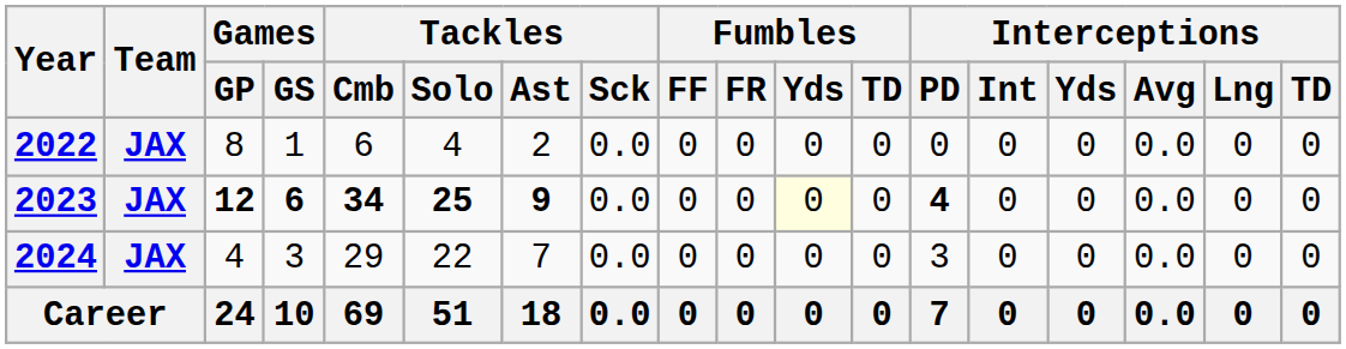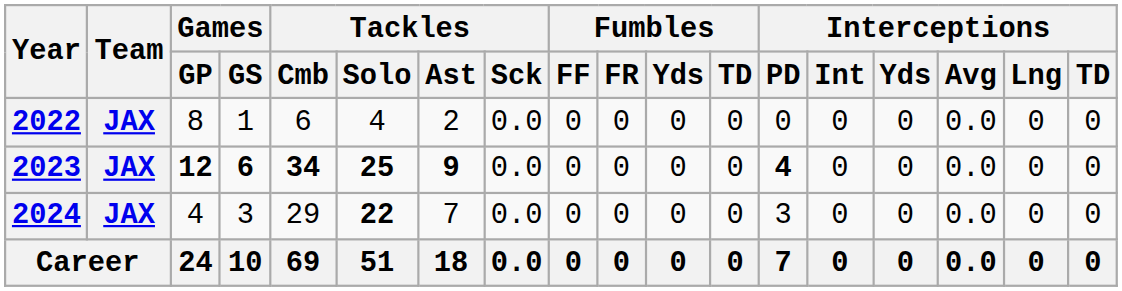 <table class=wikitable style="text-align:center;">
 <tr>
 <th rowspan="2">Year</th>
 <th rowspan="2">Team</th>
 <th colspan="2">Games</th>
 <th colspan="4">Tackles</th>
 <th colspan="4">Fumbles</th>
 <th colspan="6">Interceptions</th>
 </tr>
 <tr>
 <th>GP</th>
 <th>GS</th>
 <th>Cmb</th>
 <th>Solo</th>
 <th>Ast</th>
 <th>Sck</th>
 <th>FF</th>
 <th>FR</th>
 <th>Yds</th>
 <th>TD</th>
 <th>PD</th>
 <th>Int</th>
 <th>Yds</th>
 <th>Avg</th>
 <th>Lng</th>
 <th>TD</th>
 </tr>
 <tr>
 <th><a href='#'>2022</a></th>
 <th><a href='#'>JAX</a></th>
 <td>8</td>
 <td>1</td>
 <td>6</td>
 <td>4</td>
 <td>2</td>
 <td>0.0</td>
 <td>0</td>
 <td>0</td>
 <td>0</td>
 <td>0</td>
 <td>0</td>
 <td>0</td>
 <td>0</td>
 <td>0.0</td>
 <td>0</td>
 <td>0</td>
 </tr>
 <tr>
 <th><a href='#'>2023</a></th>
 <th><a href='#'>JAX</a></th>
 <td><strong>12</strong></td>
 <td><strong>6</strong></td>
 <td><strong>34</strong></td>
 <td><strong>25</strong></td>
 <td><strong>9</strong></td>
 <td>0.0</td>
 <td>0</td>
 <td>0</td>
-<td style="background: lightyellow;">0</td>
+<td>0</td>
 <td>0</td>
 <td><strong>4</strong></td>
 <td>0</td>
 <td>0</td>
 <td>0.0</td>
 <td>0</td>
 <td>0</td>
 </tr>
 <tr>
 <th><a href='#'>2024</a></th>
 <th><a href='#'>JAX</a></th>
 <td>4</td>
 <td>3</td>
 <td>29</td>
-<td>22</td>
+<td><strong>22</strong></td>
 <td>7</td>
 <td>0.0</td>
 <td>0</td>
 <td>0</td>
 <td>0</td>
 <td>0</td>
 <td>3</td>
 <td>0</td>
 <td>0</td>
 <td>0.0</td>
 <td>0</td>
 <td>0</td>
 </tr>
 <tr>
 <th colspan="2">Career</th>
 <th>24</th>
 <th>10</th>
 <th>69</th>
 <th>51</th>
 <th>18</th>
 <th>0.0</th>
 <th>0</th>
 <th>0</th>
 <th>0</th>
 <th>0</th>
 <th>7</th>
 <th>0</th>
 <th>0</th>
 <th>0.0</th>
 <th>0</th>
 <th>0</th>
 </tr>
 </table>
